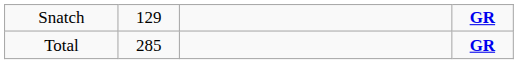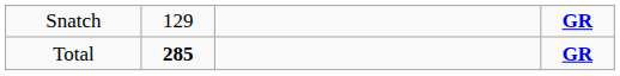 <table class = "wikitable" style="text-align:center;">
 <tr>
 <td width=100>Snatch</td>
 <td width=50>129</td>
 <td width=250 align=left></td>
 <td width=50><strong><a href='#'>GR</a></strong></td>
 </tr>
 <tr>
 <td>Total</td>
-<td>285</td>
+<td><strong>285</strong></td>
 <td align=left></td>
 <td><strong><a href='#'>GR</a></strong></td>
 </tr>
 </table>
